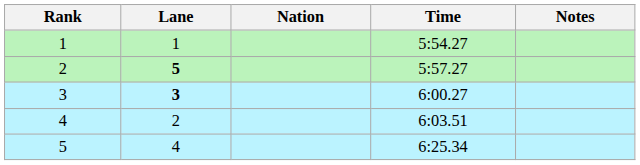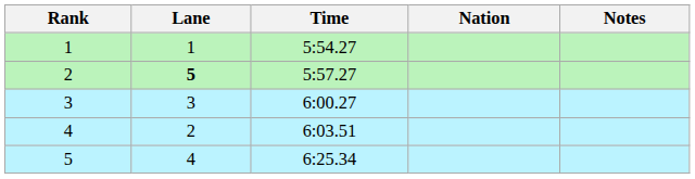 <table class="wikitable sortable" style="text-align:center; width: 70%;">
 <tr>
 <th>Rank</th>
 <th>Lane</th>
+<th>Time</th>
 <th>Nation</th>
-<th>Time</th>
 <th>Notes</th>
 </tr>
 <tr bgcolor=bbf3bb>
 <td>1</td>
 <td>1</td>
+<td>5:54.27</td>
 <td align=left></td>
-<td>5:54.27</td>
 <td></td>
 </tr>
 <tr bgcolor=bbf3bb>
 <td>2</td>
 <td><strong>5</strong></td>
+<td>5:57.27</td>
 <td align=left></td>
-<td>5:57.27</td>
 <td></td>
 </tr>
 <tr bgcolor=bbf3ff>
 <td>3</td>
-<td><strong>3</strong></td>
+<td>3</td>
+<td>6:00.27</td>
 <td align=left></td>
-<td>6:00.27</td>
 <td></td>
 </tr>
 <tr bgcolor=bbf3ff>
 <td>4</td>
 <td>2</td>
+<td>6:03.51</td>
 <td align=left></td>
-<td>6:03.51</td>
 <td></td>
 </tr>
 <tr bgcolor=bbf3ff>
 <td>5</td>
 <td>4</td>
+<td>6:25.34</td>
 <td align=left></td>
-<td>6:25.34</td>
 <td></td>
 </tr>
 </table>
